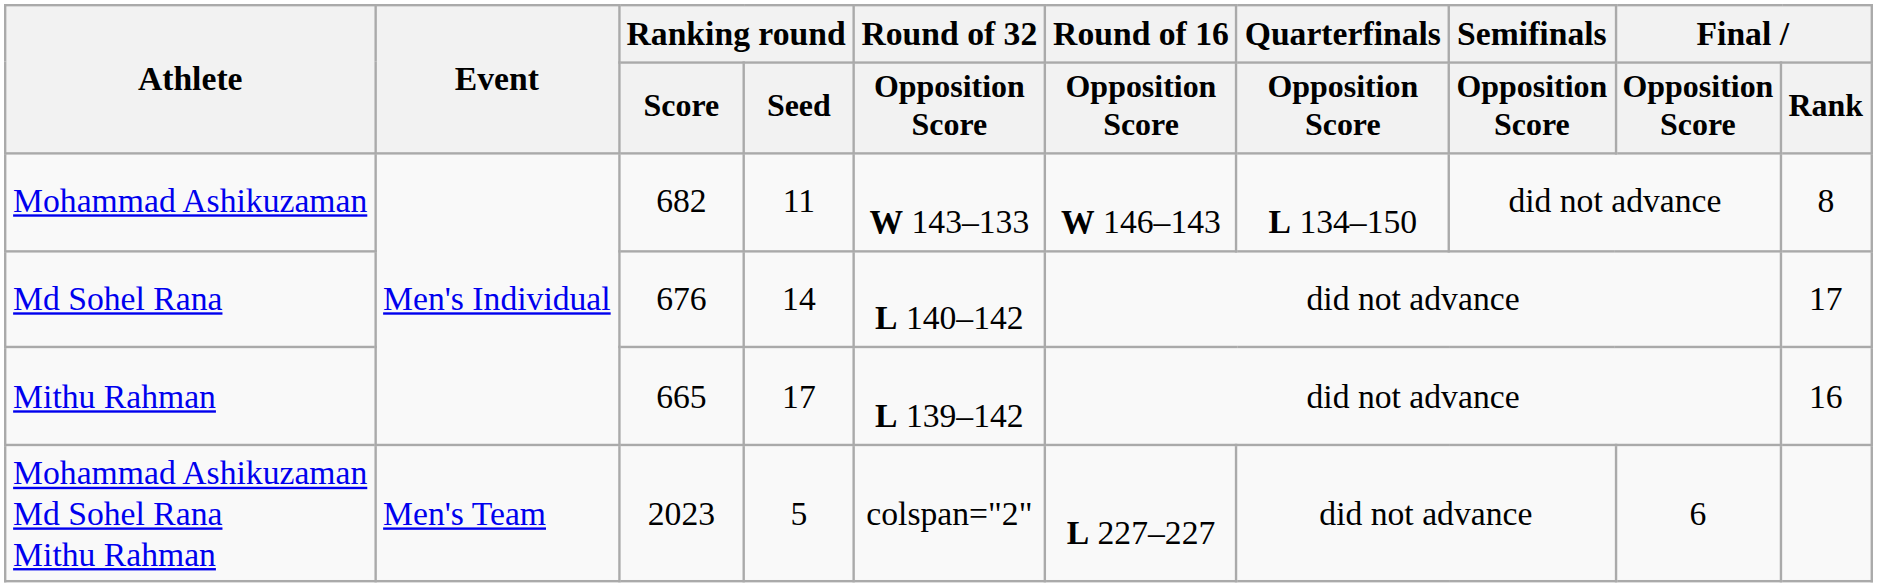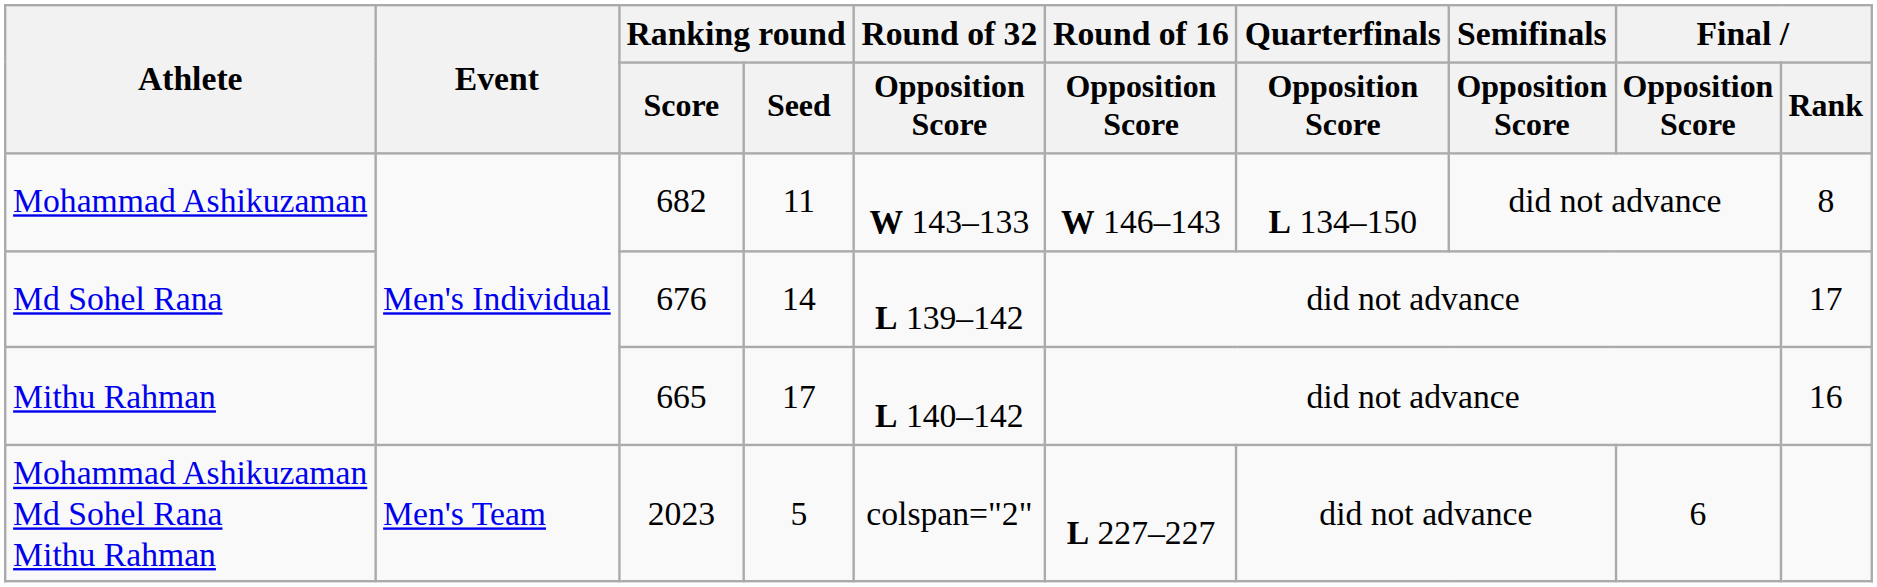 <table class=wikitable style=font-size:88%;text-align:center>
 <tr>
 <th rowspan=2>Athlete</th>
 <th rowspan=2>Event</th>
 <th colspan=2>Ranking round</th>
 <th>Round of 32</th>
 <th>Round of 16</th>
 <th>Quarterfinals</th>
 <th>Semifinals</th>
 <th colspan=2>Final / </th>
 </tr>
 <tr style=font-size:95%>
 <th>Score</th>
 <th>Seed</th>
 <th>Opposition<br>Score</th>
 <th>Opposition<br>Score</th>
 <th>Opposition<br>Score</th>
 <th>Opposition<br>Score</th>
 <th>Opposition<br>Score</th>
 <th>Rank</th>
 </tr>
 <tr>
 <td align=left><a href='#'>Mohammad Ashikuzaman</a></td>
 <td align=left rowspan=3><a href='#'>Men's Individual</a></td>
 <td>682</td>
 <td>11</td>
 <td><br><strong>W</strong> 143–133</td>
 <td><br><strong>W</strong> 146–143</td>
 <td><br><strong>L</strong> 134–150</td>
 <td colspan="2">did not advance</td>
 <td>8</td>
 </tr>
 <tr>
 <td align=left><a href='#'>Md Sohel Rana</a></td>
 <td>676</td>
 <td>14</td>
-<td><br><strong>L</strong> 140–142</td>
+<td><br><strong>L</strong> 139–142</td>
 <td colspan="4">did not advance</td>
 <td>17</td>
 </tr>
 <tr>
 <td align=left><a href='#'>Mithu Rahman</a></td>
 <td>665</td>
 <td>17</td>
-<td><br><strong>L</strong> 139–142</td>
+<td><br><strong>L</strong> 140–142</td>
 <td colspan="4">did not advance</td>
 <td>16</td>
 </tr>
 <tr>
 <td align=left><a href='#'>Mohammad Ashikuzaman</a><br><a href='#'>Md Sohel Rana</a><br><a href='#'>Mithu Rahman</a></td>
 <td align=left><a href='#'>Men's Team</a></td>
 <td>2023</td>
 <td>5</td>
 <td>colspan="2" </td>
 <td><br><strong>L</strong> 227–227</td>
 <td colspan="2">did not advance</td>
 <td>6</td>
 </tr>
 </table>
